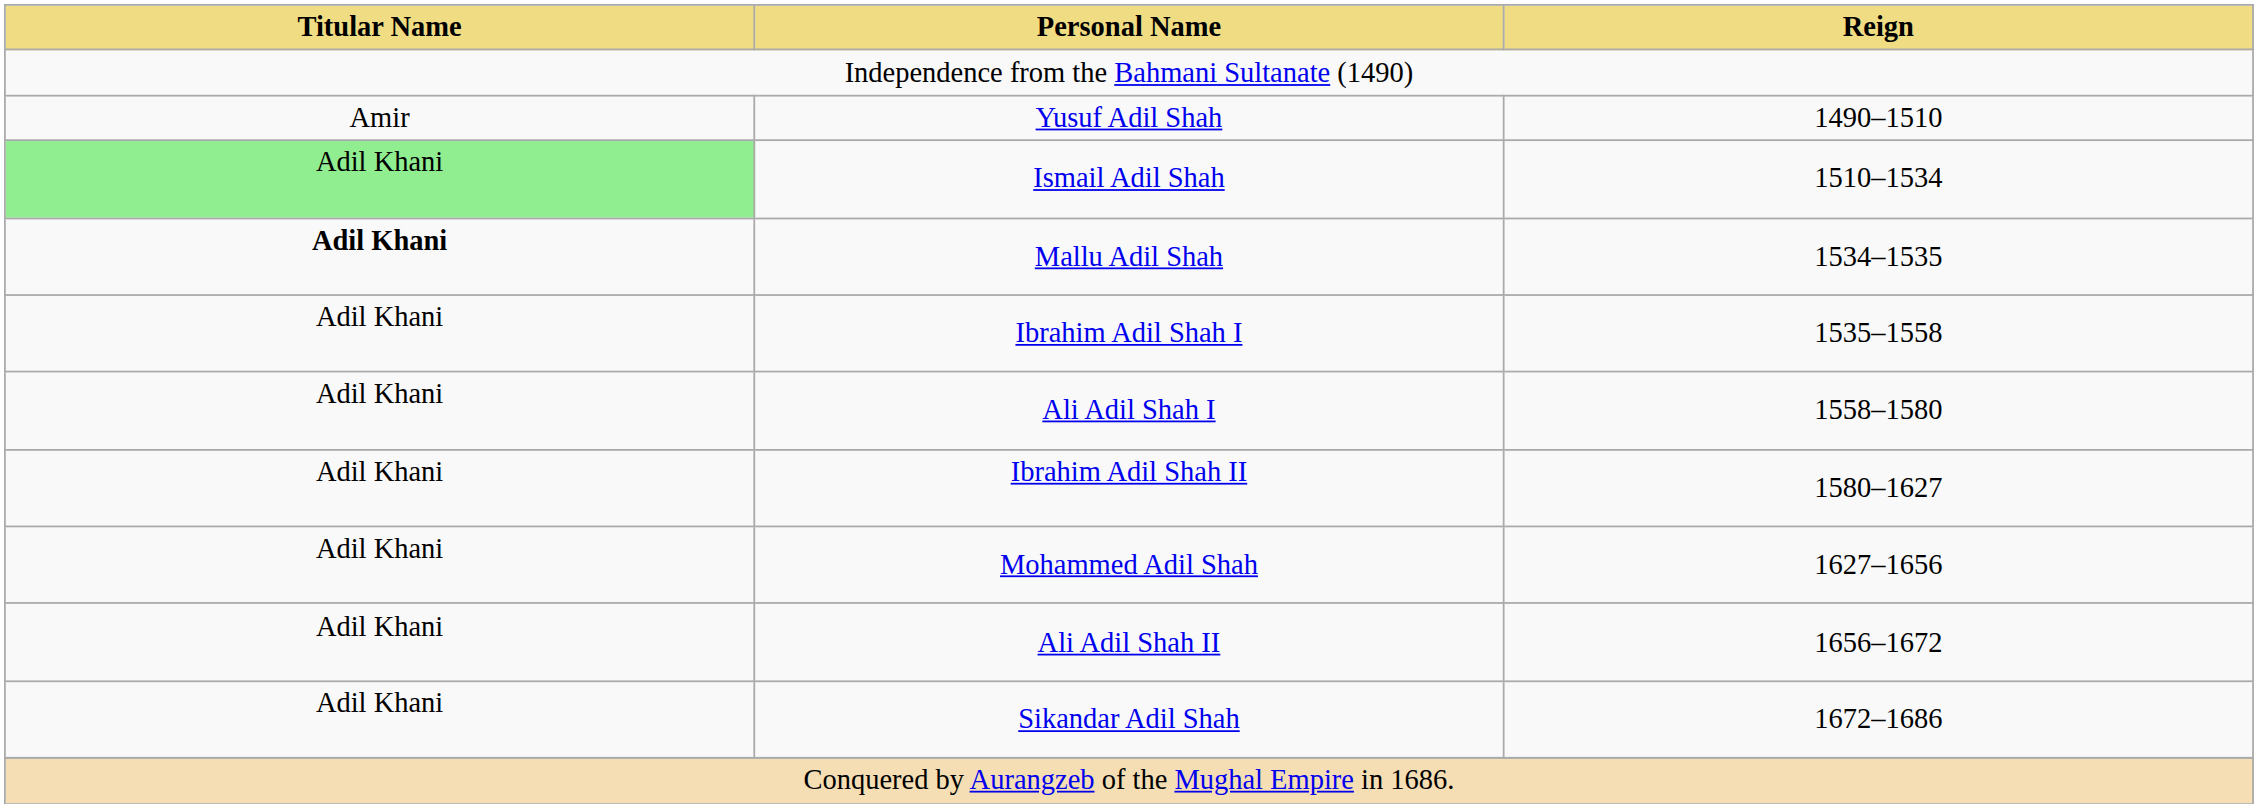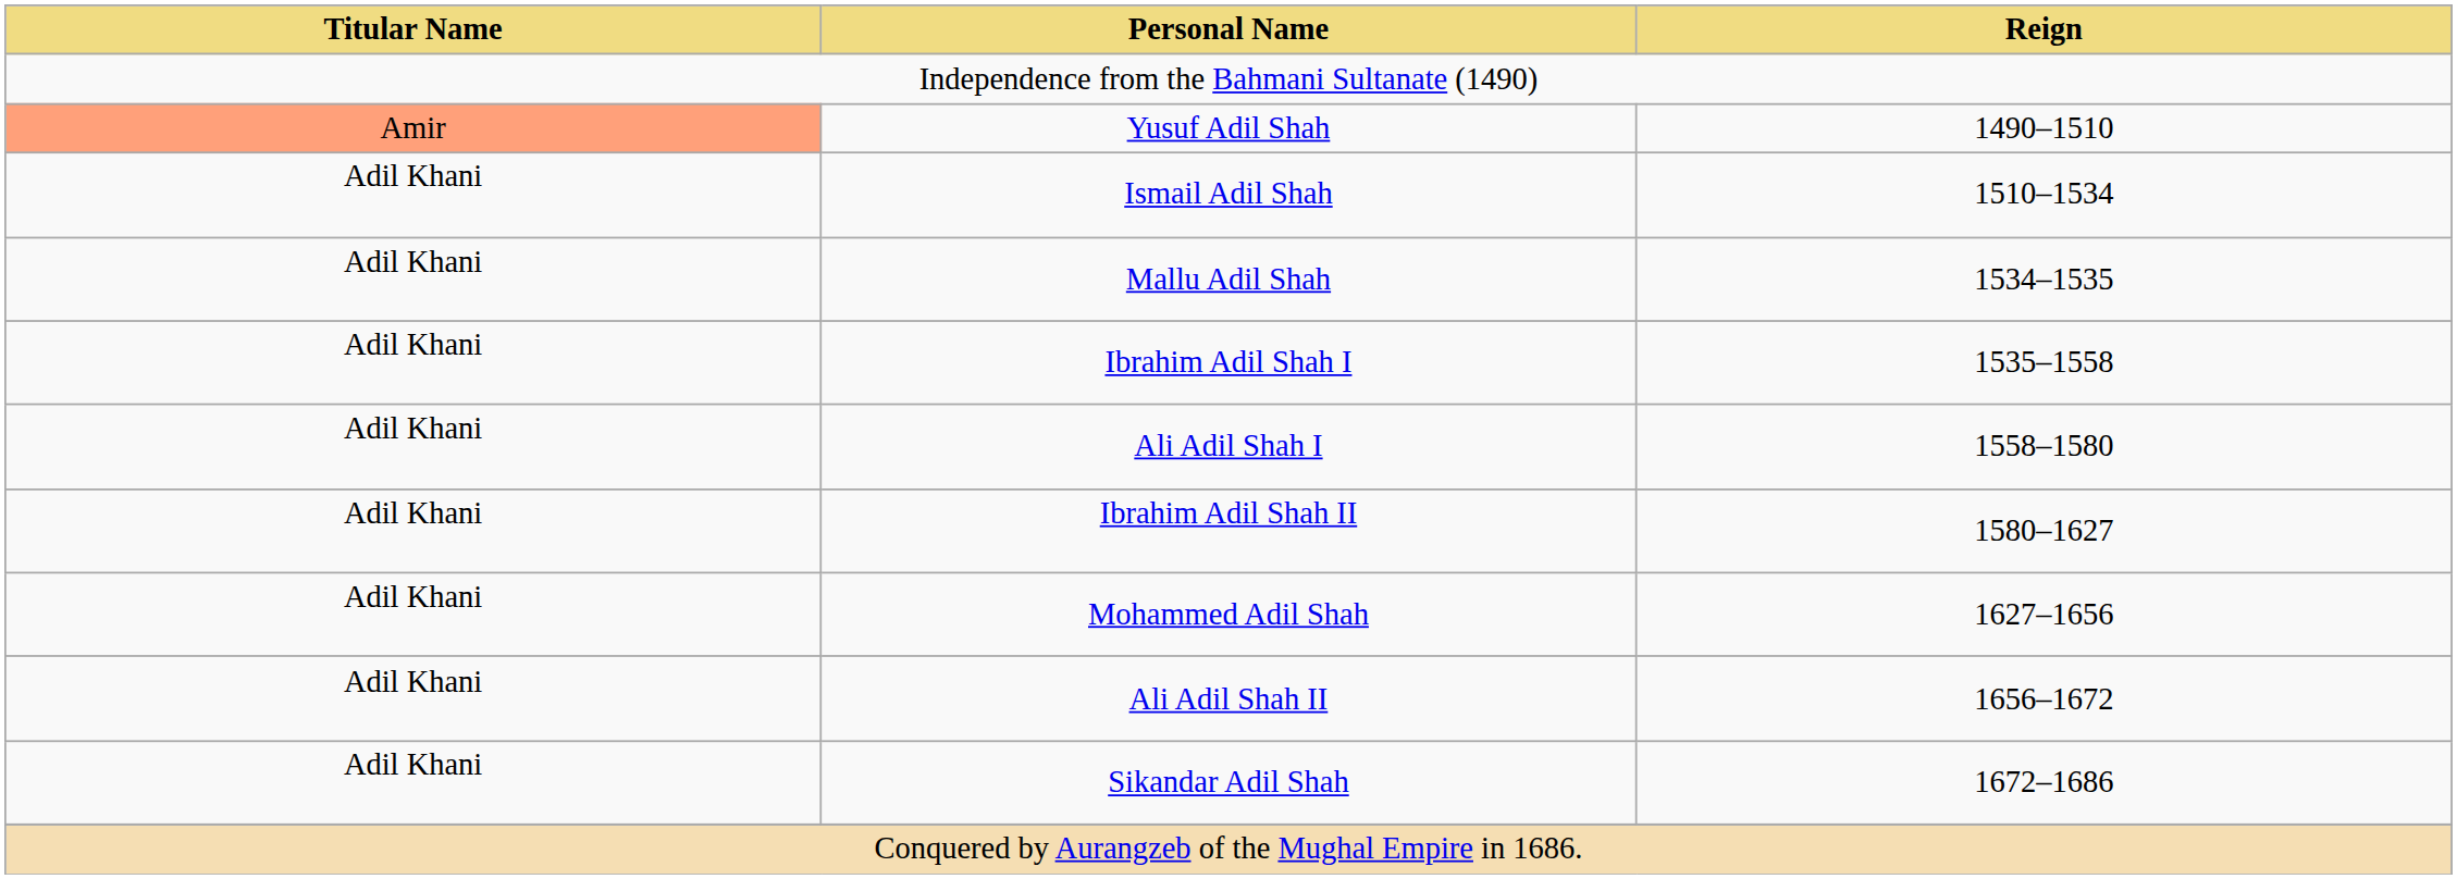 <table width=100% class="wikitable">
 <tr>
 <th style="background-color:#F0DC82" width=9%>Titular Name</th>
 <th style="background-color:#F0DC82" width=9%>Personal Name</th>
 <th style="background-color:#F0DC82" width=9%>Reign</th>
 </tr>
 <tr>
 <td colspan=4 align="center">Independence from the <a href='#'>Bahmani Sultanate</a> (1490)</td>
 </tr>
 <tr>
-<td align="center">Amir<br></td>
+<td align="center" style="background: lightsalmon;">Amir<br></td>
 <td align="center"><a href='#'>Yusuf Adil Shah</a><br> </td>
 <td align="center">1490–1510</td>
 </tr>
 <tr>
-<td align="center" style="background: lightgreen;">Adil Khani<br><br></td>
+<td align="center">Adil Khani<br><br></td>
 <td align="center"><a href='#'>Ismail Adil Shah</a> <br> </td>
 <td align="center">1510–1534</td>
 </tr>
 <tr>
-<td align="center"><strong>Adil Khani<br><br></strong></td>
+<td align="center">Adil Khani<br><br></td>
 <td align="center"><a href='#'>Mallu Adil Shah</a><br></td>
 <td align="center">1534–1535</td>
 </tr>
 <tr>
 <td align="center">Adil Khani<br><br></td>
 <td align="center"><a href='#'>Ibrahim Adil Shah I</a><br> </td>
 <td align="center">1535–1558</td>
 </tr>
 <tr>
 <td align="center">Adil Khani<br><br></td>
 <td align="center"><a href='#'>Ali Adil Shah I</a><br> </td>
 <td align="center">1558–1580</td>
 </tr>
 <tr>
 <td align="center">Adil Khani<br><br></td>
 <td align="center"><a href='#'>Ibrahim Adil Shah II</a><br><br></td>
 <td align="center">1580–1627</td>
 </tr>
 <tr>
 <td align="center">Adil Khani<br><br></td>
 <td align="center"><a href='#'>Mohammed Adil Shah</a><br> </td>
 <td align="center">1627–1656</td>
 </tr>
 <tr>
 <td align="center">Adil Khani<br><br></td>
 <td align="center"><a href='#'>Ali Adil Shah II</a><br> </td>
 <td align="center">1656–1672</td>
 </tr>
 <tr>
 <td align="center">Adil Khani<br><br></td>
 <td align="center"><a href='#'>Sikandar Adil Shah</a><br> </td>
 <td align="center">1672–1686</td>
 </tr>
 <tr>
 </tr>
 <tr bgcolor="#F5DEB3">
 <td colspan=4 align="center">Conquered by <a href='#'>Aurangzeb</a> of the <a href='#'>Mughal Empire</a> in 1686.</td>
 </tr>
 </table>
